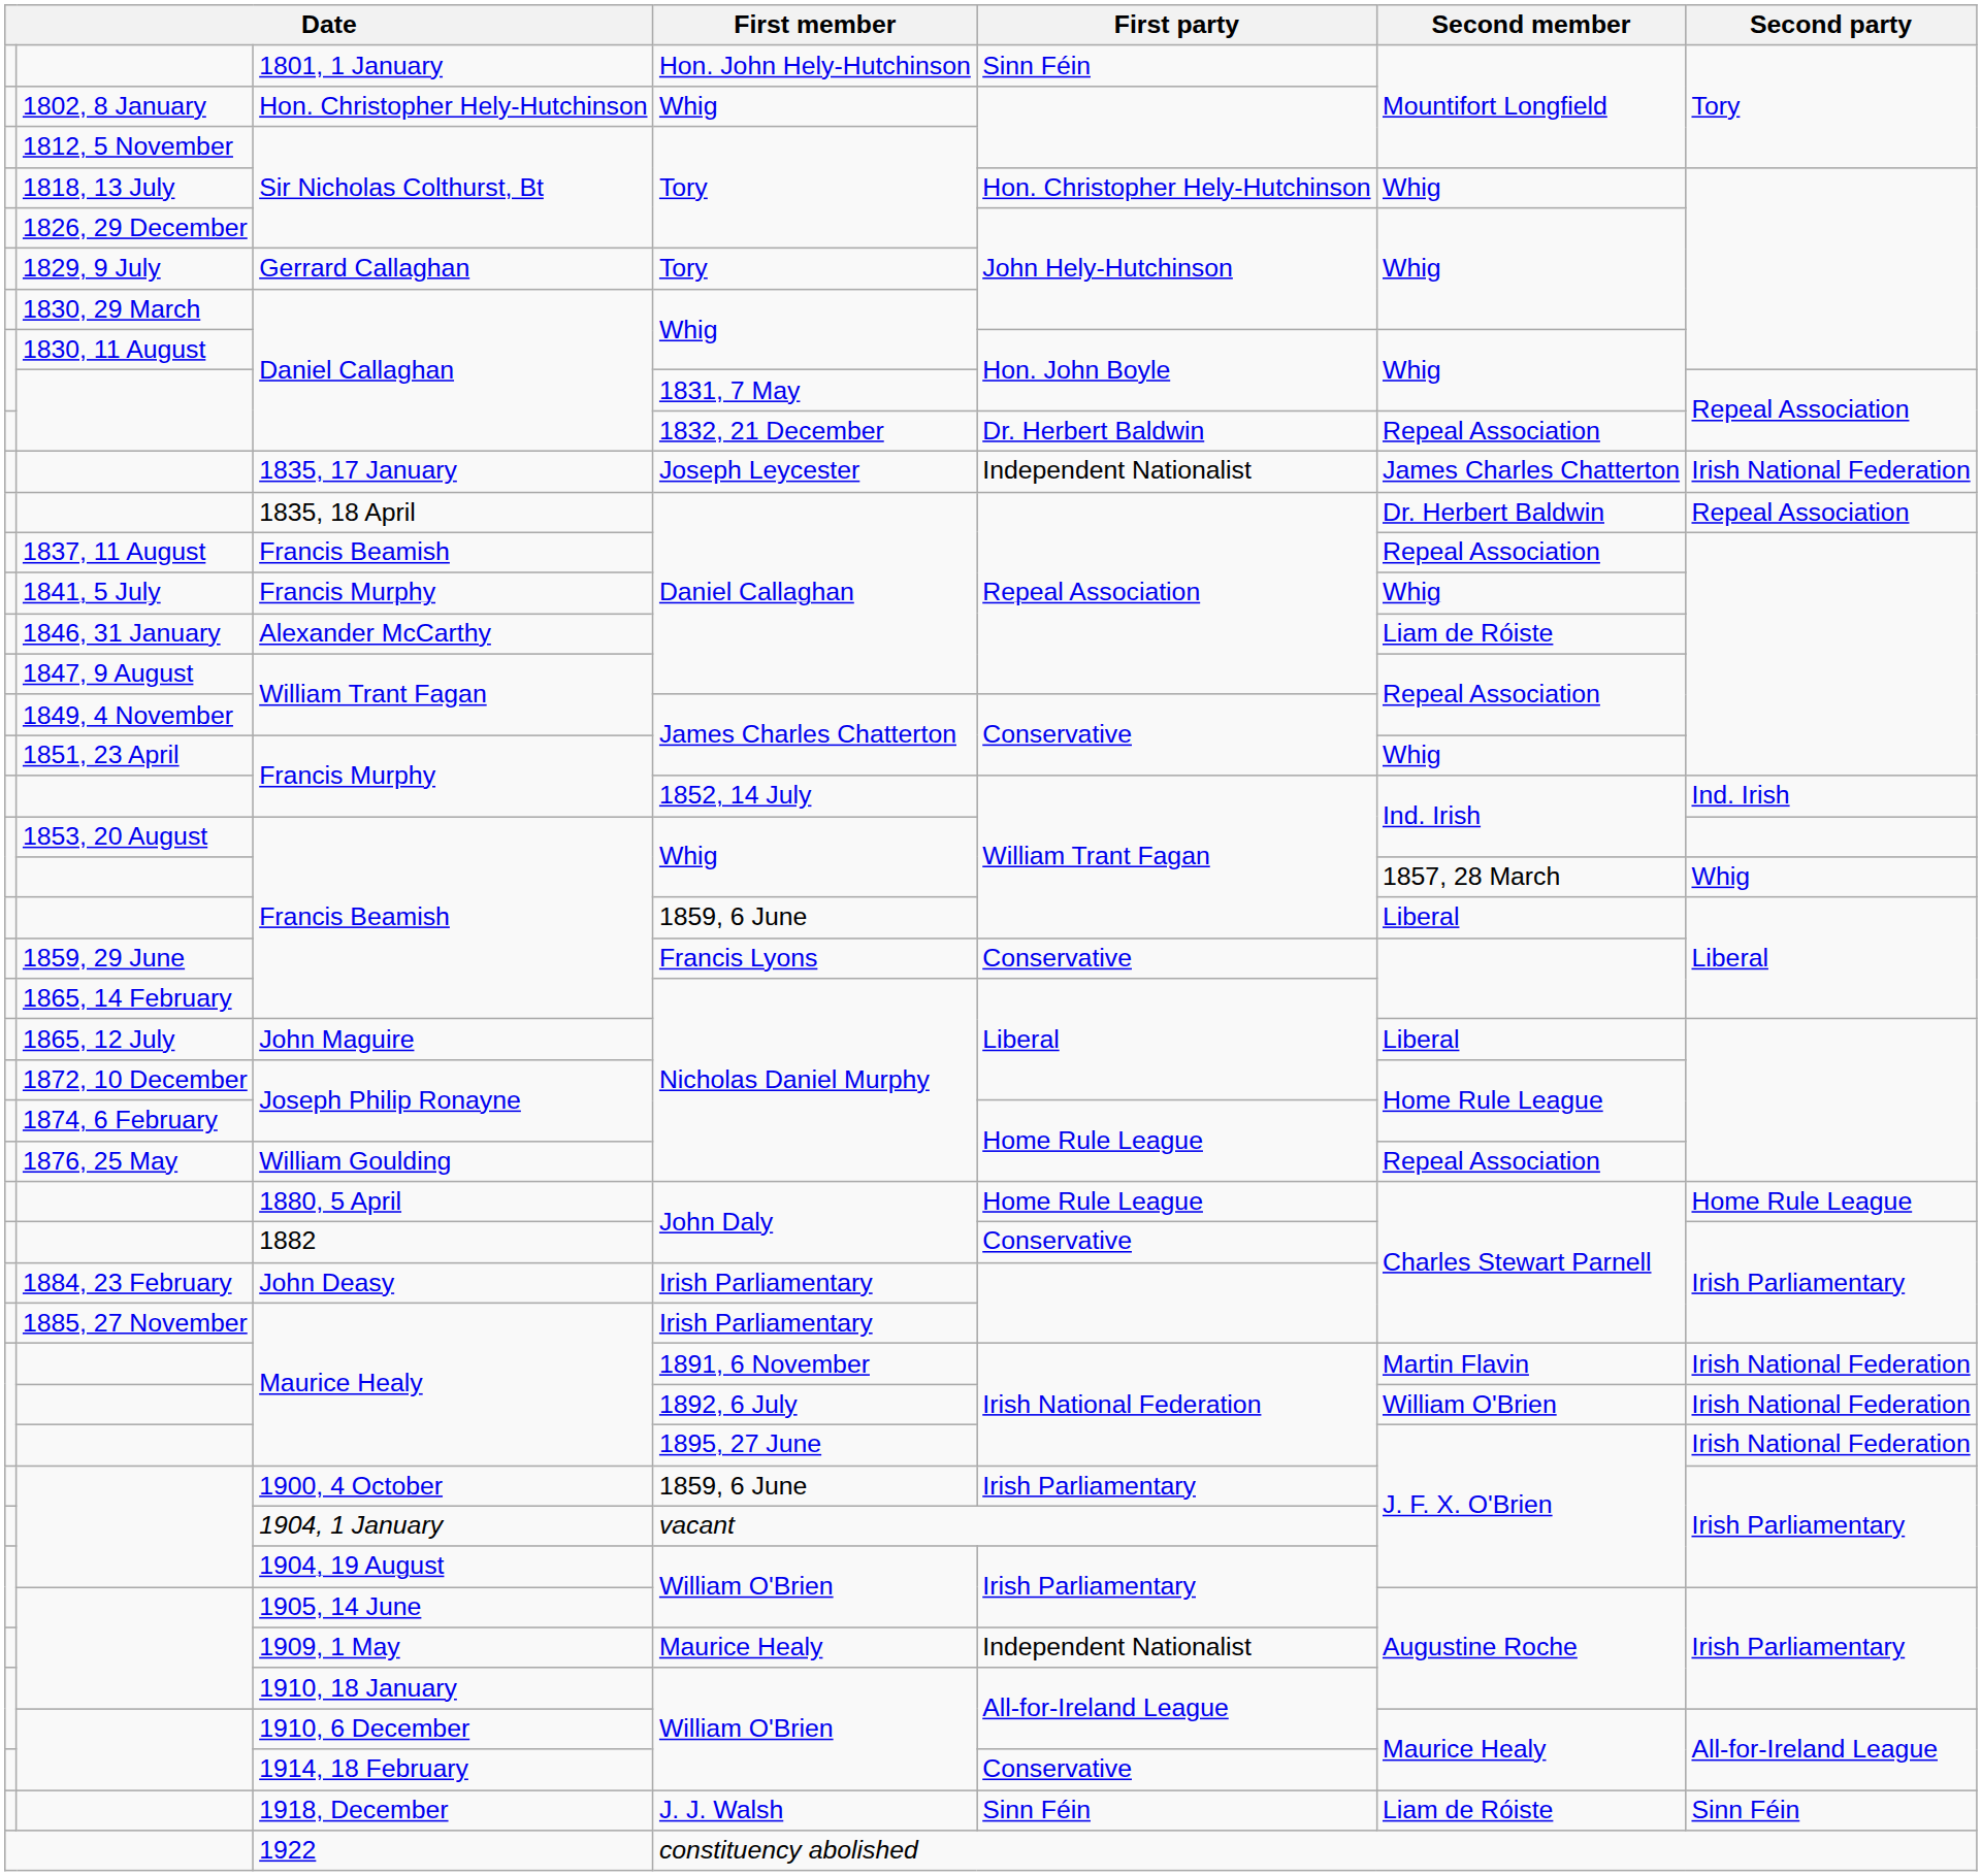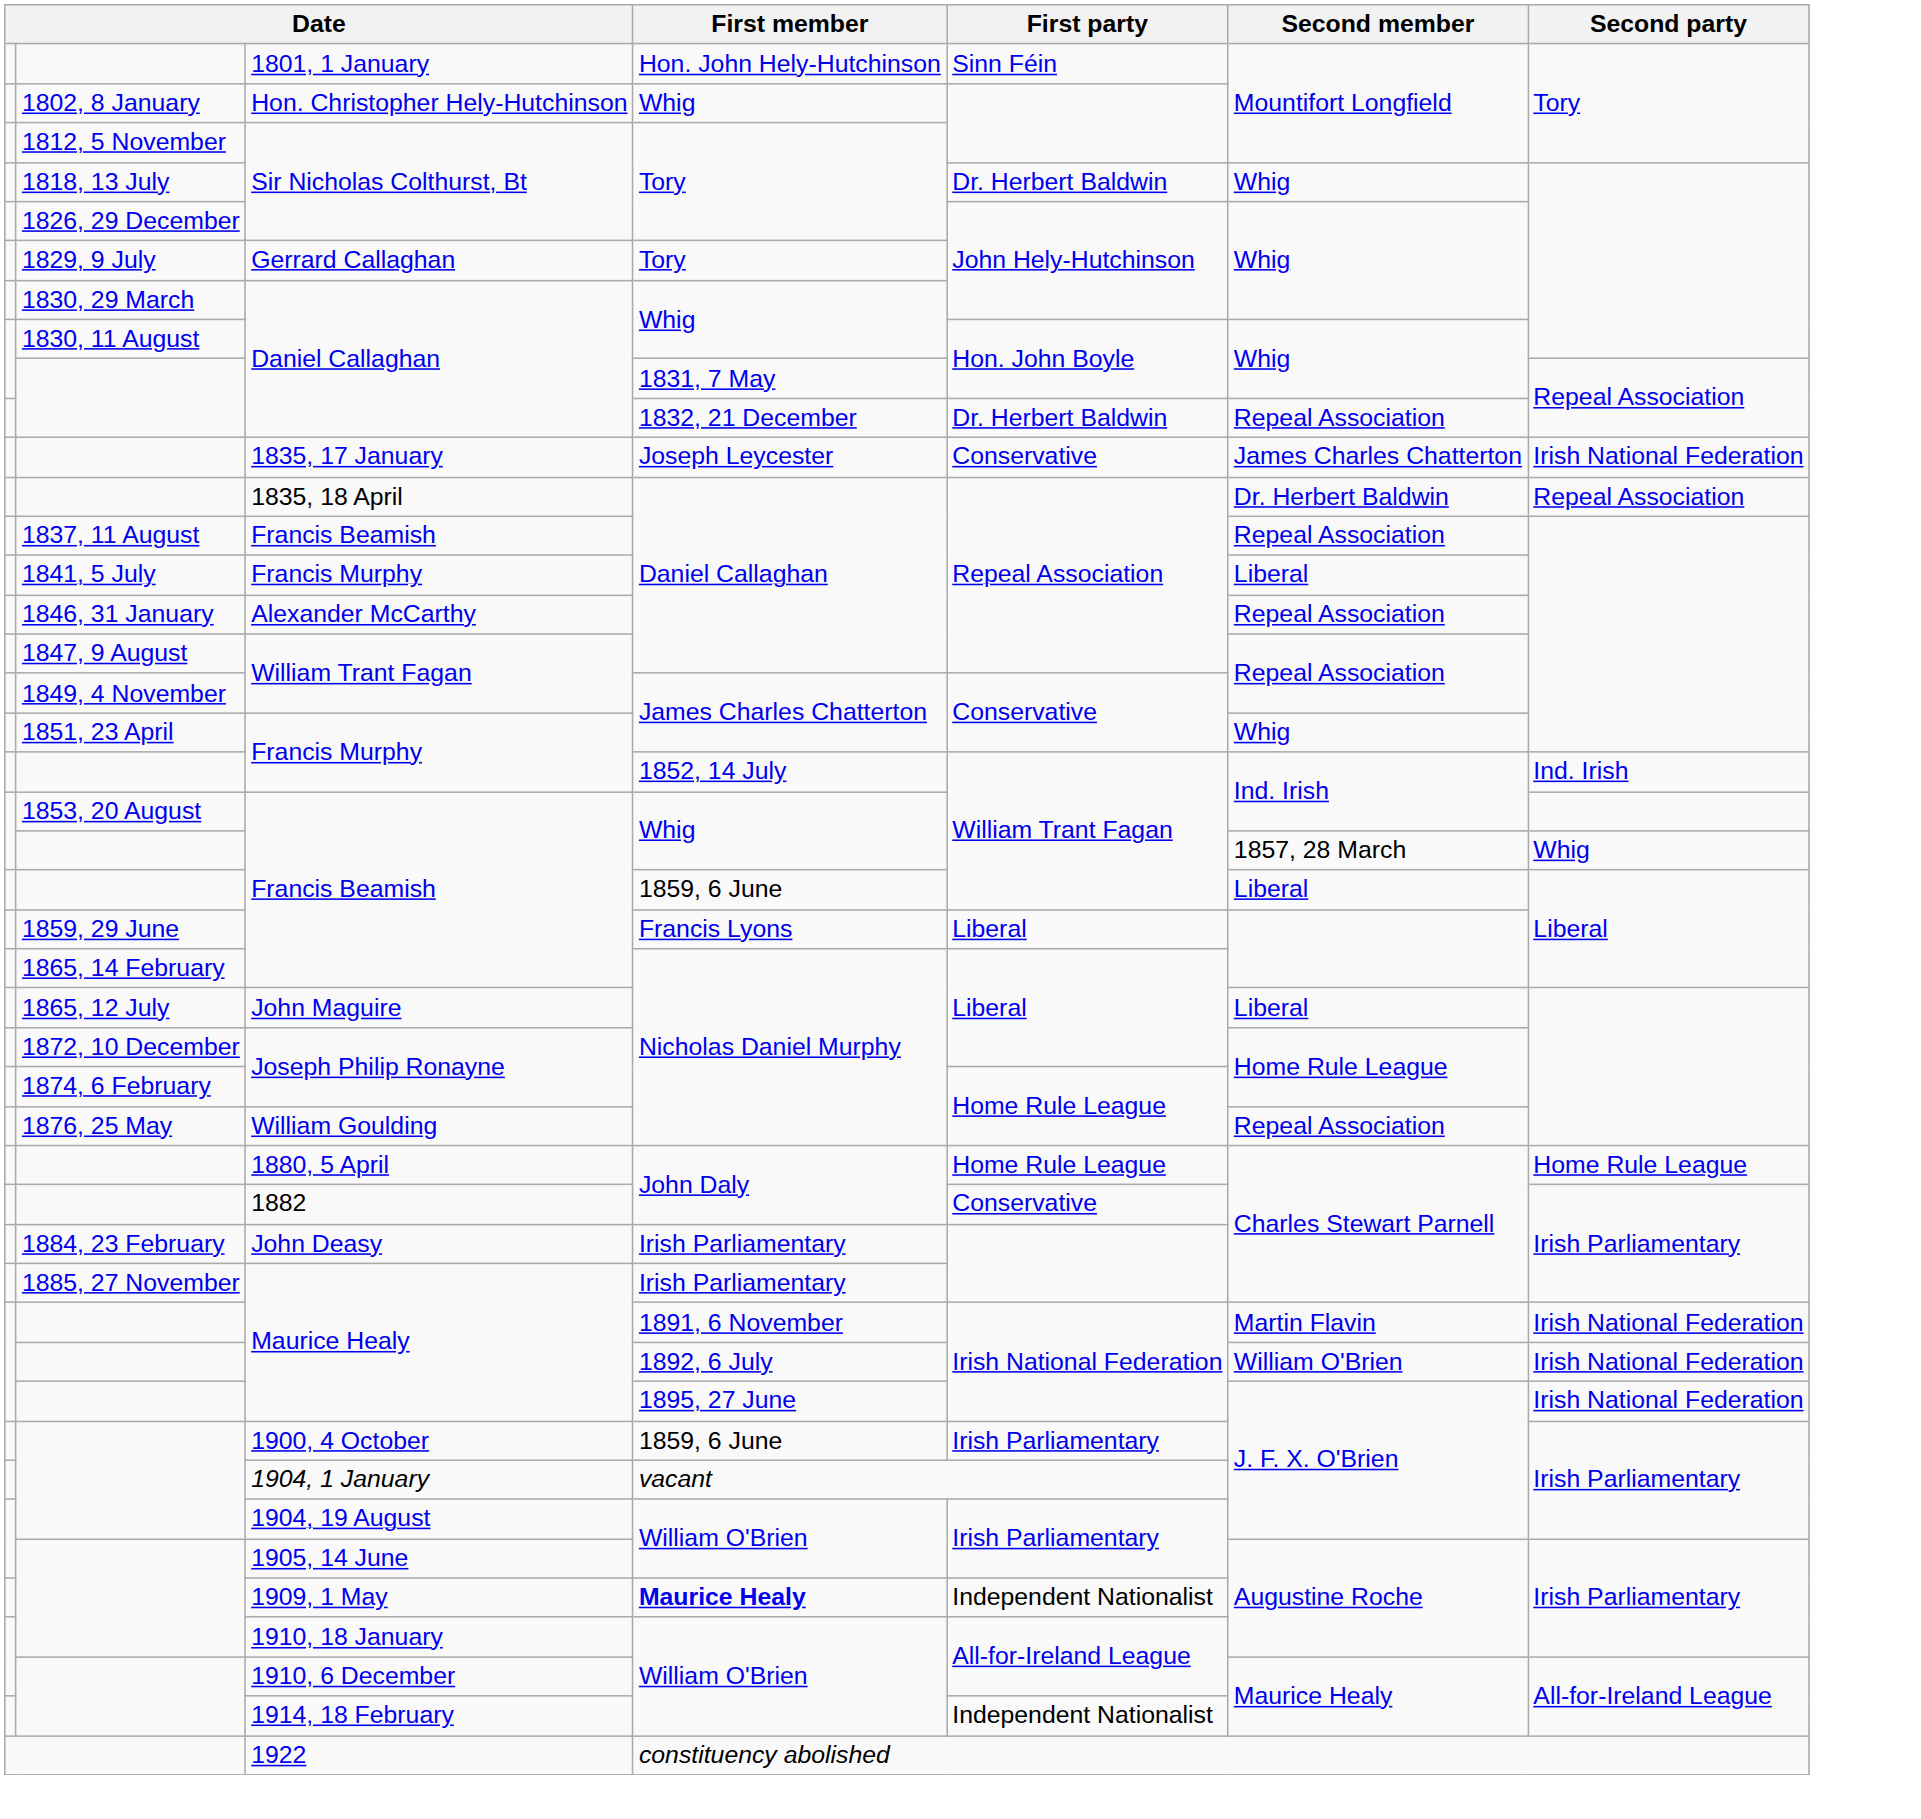 <table class="wikitable">
 <tr>
 <th colspan="3">Date</th>
 <th>First member</th>
 <th>First party</th>
 <th>Second member</th>
 <th>Second party</th>
 </tr>
 <tr>
 <td style="color:inherit;background-color: "></td>
 <td style="color:inherit;background-color: "></td>
 <td><a href='#'>1801, 1 January</a></td>
 <td><a href='#'>Hon. John Hely-Hutchinson</a></td>
 <td><a href='#'>Sinn Féin</a></td>
 <td rowspan="3"><a href='#'>Mountifort Longfield</a></td>
 <td rowspan="3"><a href='#'>Tory</a></td>
 </tr>
 <tr>
 <td style="color:inherit;background-color: "></td>
 <td><a href='#'>1802, 8 January</a></td>
 <td><a href='#'>Hon. Christopher Hely-Hutchinson</a></td>
 <td><a href='#'>Whig</a></td>
 </tr>
 <tr>
 <td style="color:inherit;background-color: "></td>
 <td><a href='#'>1812, 5 November</a></td>
 <td rowspan="3"><a href='#'>Sir Nicholas Colthurst, Bt</a></td>
 <td rowspan="3"><a href='#'>Tory</a></td>
 </tr>
 <tr>
 <td style="color:inherit;background-color: "></td>
 <td><a href='#'>1818, 13 July</a></td>
-<td><a href='#'>Hon. Christopher Hely-Hutchinson</a></td>
+<td><a href='#'>Dr. Herbert Baldwin</a></td>
 <td><a href='#'>Whig</a></td>
 </tr>
 <tr>
 <td style="color:inherit;background-color: "></td>
 <td><a href='#'>1826, 29 December</a></td>
 <td rowspan="3"><a href='#'>John Hely-Hutchinson</a></td>
 <td rowspan="3"><a href='#'>Whig</a></td>
 </tr>
 <tr>
 <td style="color:inherit;background-color: "></td>
 <td><a href='#'>1829, 9 July</a></td>
 <td><a href='#'>Gerrard Callaghan</a></td>
 <td><a href='#'>Tory</a></td>
 </tr>
 <tr>
 <td style="color:inherit;background-color: "></td>
 <td><a href='#'>1830, 29 March</a></td>
 <td rowspan="4"><a href='#'>Daniel Callaghan</a></td>
 <td rowspan="2"><a href='#'>Whig</a></td>
 </tr>
 <tr>
 <td rowspan="2" style="color:inherit;background-color: "></td>
 <td><a href='#'>1830, 11 August</a></td>
 <td rowspan="2"><a href='#'>Hon. John Boyle</a></td>
 <td rowspan="2"><a href='#'>Whig</a></td>
 </tr>
 <tr>
 <td rowspan="2" style="color:inherit;background-color: "></td>
 <td><a href='#'>1831, 7 May</a></td>
 <td rowspan="2"><a href='#'>Repeal Association</a></td>
 </tr>
 <tr>
 <td style="color:inherit;background-color: "></td>
 <td><a href='#'>1832, 21 December</a></td>
 <td><a href='#'>Dr. Herbert Baldwin</a></td>
 <td><a href='#'>Repeal Association</a></td>
 </tr>
 <tr>
 <td style="color:inherit;background-color: "></td>
 <td style="color:inherit;background-color: "></td>
 <td><a href='#'>1835, 17 January</a></td>
 <td><a href='#'>Joseph Leycester</a></td>
-<td>Independent Nationalist</td>
+<td><a href='#'>Conservative</a></td>
 <td><a href='#'>James Charles Chatterton</a></td>
 <td><a href='#'>Irish National Federation</a></td>
 </tr>
 <tr>
 <td style="color:inherit;background-color: "></td>
 <td style="color:inherit;background-color: "></td>
 <td>1835, 18 April</td>
 <td rowspan="5"><a href='#'>Daniel Callaghan</a></td>
 <td rowspan="5"><a href='#'>Repeal Association</a></td>
 <td><a href='#'>Dr. Herbert Baldwin</a></td>
 <td><a href='#'>Repeal Association</a></td>
 </tr>
 <tr>
 <td style="color:inherit;background-color: "></td>
 <td><a href='#'>1837, 11 August</a></td>
 <td><a href='#'>Francis Beamish</a></td>
 <td><a href='#'>Repeal Association</a></td>
 </tr>
 <tr>
 <td style="color:inherit;background-color: "></td>
 <td><a href='#'>1841, 5 July</a></td>
 <td><a href='#'>Francis Murphy</a></td>
-<td><a href='#'>Whig</a></td>
+<td><a href='#'>Liberal</a></td>
 </tr>
 <tr>
 <td style="color:inherit;background-color: "></td>
 <td><a href='#'>1846, 31 January</a></td>
 <td><a href='#'>Alexander McCarthy</a></td>
-<td><a href='#'>Liam de Róiste</a></td>
+<td><a href='#'>Repeal Association</a></td>
 </tr>
 <tr>
 <td style="color:inherit;background-color: "></td>
 <td><a href='#'>1847, 9 August</a></td>
 <td rowspan="2"><a href='#'>William Trant Fagan</a></td>
 <td rowspan="2"><a href='#'>Repeal Association</a></td>
 </tr>
 <tr>
 <td style="color:inherit;background-color: "></td>
 <td><a href='#'>1849, 4 November</a></td>
 <td rowspan="2"><a href='#'>James Charles Chatterton</a></td>
 <td rowspan="2"><a href='#'>Conservative</a></td>
 </tr>
 <tr>
 <td style="color:inherit;background-color: "></td>
 <td><a href='#'>1851, 23 April</a></td>
 <td rowspan="2"><a href='#'>Francis Murphy</a></td>
 <td><a href='#'>Whig</a></td>
 </tr>
 <tr>
 <td style="color:inherit;background-color: "></td>
 <td style="color:inherit;background-color: "></td>
 <td><a href='#'>1852, 14 July</a></td>
 <td rowspan="4"><a href='#'>William Trant Fagan</a></td>
 <td rowspan="2"><a href='#'>Ind. Irish</a></td>
 <td><a href='#'>Ind. Irish</a></td>
 </tr>
 <tr>
 <td rowspan="2" style="color:inherit;background-color: "></td>
 <td><a href='#'>1853, 20 August</a></td>
 <td rowspan="5"><a href='#'>Francis Beamish</a></td>
 <td rowspan="2"><a href='#'>Whig</a></td>
 </tr>
 <tr>
 <td style="color:inherit;background-color: "></td>
 <td>1857, 28 March</td>
 <td><a href='#'>Whig</a></td>
 </tr>
 <tr>
 <td style="color:inherit;background-color: "></td>
 <td style="color:inherit;background-color: "></td>
 <td>1859, 6 June</td>
 <td><a href='#'>Liberal</a></td>
 <td rowspan="3"><a href='#'>Liberal</a></td>
 </tr>
 <tr>
 <td style="color:inherit;background-color: "></td>
 <td><a href='#'>1859, 29 June</a></td>
 <td><a href='#'>Francis Lyons</a></td>
-<td><a href='#'>Conservative</a></td>
+<td><a href='#'>Liberal</a></td>
 </tr>
 <tr>
 <td style="color:inherit;background-color: "></td>
 <td><a href='#'>1865, 14 February</a></td>
 <td rowspan="5"><a href='#'>Nicholas Daniel Murphy</a></td>
 <td rowspan="3"><a href='#'>Liberal</a></td>
 </tr>
 <tr>
 <td style="color:inherit;background-color: "></td>
 <td><a href='#'>1865, 12 July</a></td>
 <td><a href='#'>John Maguire</a></td>
 <td><a href='#'>Liberal</a></td>
 </tr>
 <tr>
 <td style="color:inherit;background-color: "></td>
 <td><a href='#'>1872, 10 December</a></td>
 <td rowspan="2"><a href='#'>Joseph Philip Ronayne</a></td>
 <td rowspan="2"><a href='#'>Home Rule League</a></td>
 </tr>
 <tr>
 <td style="color:inherit;background-color: "></td>
 <td><a href='#'>1874, 6 February</a></td>
 <td rowspan="2"><a href='#'>Home Rule League</a></td>
 </tr>
 <tr>
 <td style="color:inherit;background-color: "></td>
 <td><a href='#'>1876, 25 May</a></td>
 <td><a href='#'>William Goulding</a></td>
 <td><a href='#'>Repeal Association</a></td>
 </tr>
 <tr>
 <td style="color:inherit;background-color: "></td>
 <td style="color:inherit;background-color: "></td>
 <td><a href='#'>1880, 5 April</a></td>
 <td rowspan="2"><a href='#'>John Daly</a></td>
 <td><a href='#'>Home Rule League</a></td>
 <td rowspan="4"><a href='#'>Charles Stewart Parnell</a></td>
 <td><a href='#'>Home Rule League</a></td>
 </tr>
 <tr>
 <td style="color:inherit;background-color: "></td>
 <td style="color:inherit;background-color: "></td>
 <td>1882</td>
 <td><a href='#'>Conservative</a></td>
 <td rowspan="3"><a href='#'>Irish Parliamentary</a></td>
 </tr>
 <tr>
 <td style="color:inherit;background-color: "></td>
 <td><a href='#'>1884, 23 February</a></td>
 <td><a href='#'>John Deasy</a></td>
 <td><a href='#'>Irish Parliamentary</a></td>
 </tr>
 <tr>
 <td style="color:inherit;background-color: "></td>
 <td><a href='#'>1885, 27 November</a></td>
 <td rowspan="4"><a href='#'>Maurice Healy</a></td>
 <td><a href='#'>Irish Parliamentary</a></td>
 </tr>
 <tr>
 <td rowspan="3" style="color:inherit;background-color: "></td>
 <td style="color:inherit;background-color: "></td>
 <td><a href='#'>1891, 6 November</a></td>
 <td rowspan="3"><a href='#'>Irish National Federation</a></td>
 <td><a href='#'>Martin Flavin</a></td>
 <td><a href='#'>Irish National Federation</a></td>
 </tr>
 <tr>
 <td style="color:inherit;background-color: "></td>
 <td><a href='#'>1892, 6 July</a></td>
 <td><a href='#'>William O'Brien</a></td>
 <td><a href='#'>Irish National Federation</a></td>
 </tr>
 <tr>
 <td style="color:inherit;background-color: "></td>
 <td><a href='#'>1895, 27 June</a></td>
 <td rowspan="4"><a href='#'>J. F. X. O'Brien</a></td>
 <td><a href='#'>Irish National Federation</a></td>
 </tr>
 <tr>
 <td style="color:inherit;background-color: "></td>
 <td rowspan="3" style="color:inherit;background-color: "></td>
 <td><a href='#'>1900, 4 October</a></td>
 <td>1859, 6 June</td>
 <td><a href='#'>Irish Parliamentary</a></td>
 <td rowspan="3"><a href='#'>Irish Parliamentary</a></td>
 </tr>
 <tr>
 <td></td>
 <td><em>1904, 1 January</em></td>
 <td colspan="2"><em>vacant</em></td>
 </tr>
 <tr>
 <td rowspan="2" style="color:inherit;background-color: "></td>
 <td><a href='#'>1904, 19 August</a></td>
 <td rowspan="2"><a href='#'>William O'Brien</a></td>
 <td rowspan="2"><a href='#'>Irish Parliamentary</a></td>
 </tr>
 <tr>
 <td rowspan="3" style="color:inherit;background-color: "></td>
 <td><a href='#'>1905, 14 June</a></td>
 <td rowspan="3"><a href='#'>Augustine Roche</a></td>
 <td rowspan="3"><a href='#'>Irish Parliamentary</a></td>
 </tr>
 <tr>
 <td style="color:inherit;background-color: "></td>
 <td><a href='#'>1909, 1 May</a></td>
-<td><a href='#'>Maurice Healy</a></td>
+<td><strong><a href='#'>Maurice Healy</a></strong></td>
 <td>Independent Nationalist</td>
 </tr>
 <tr>
 <td rowspan="2" style="color:inherit;background-color: "></td>
 <td><a href='#'>1910, 18 January</a></td>
 <td rowspan="3"><a href='#'>William O'Brien</a></td>
 <td rowspan="2"><a href='#'>All-for-Ireland League</a></td>
 </tr>
 <tr>
 <td rowspan="2" style="color:inherit;background-color: "></td>
 <td><a href='#'>1910, 6 December</a></td>
 <td rowspan="2"><a href='#'>Maurice Healy</a></td>
 <td rowspan="2"><a href='#'>All-for-Ireland League</a></td>
 </tr>
 <tr>
 <td style="color:inherit;background-color: "></td>
 <td><a href='#'>1914, 18 February</a></td>
-<td><a href='#'>Conservative</a></td>
-</tr>
-<tr>
-<td style="color:inherit;background-color: "></td>
-<td style="color:inherit;background-color: "></td>
-<td><a href='#'>1918, December</a></td>
-<td><a href='#'>J. J. Walsh</a></td>
-<td><a href='#'>Sinn Féin</a></td>
-<td><a href='#'>Liam de Róiste</a></td>
-<td><a href='#'>Sinn Féin</a></td>
+<td>Independent Nationalist</td>
 </tr>
 <tr>
 <td colspan="2"></td>
 <td><a href='#'>1922</a></td>
 <td colspan="4"><em>constituency abolished</em></td>
 </tr>
 </table>
